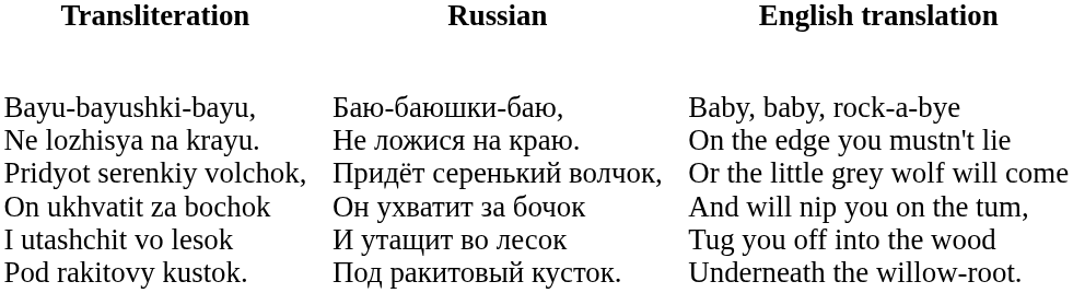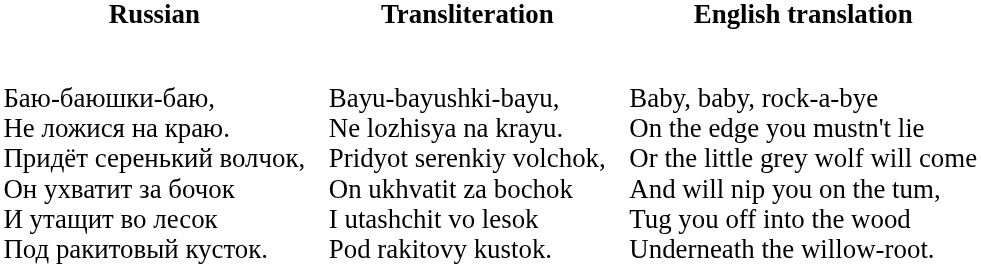 <table cellpadding=6>
 <tr>
+<th>Russian</th>
 <th>Transliteration</th>
-<th>Russian</th>
 <th>English translation</th>
 </tr>
 <tr style="vertical-align:top; white-space:nowrap;">
+<td><br>Баю-баюшки-баю,<br> Не ложися на краю.<br> Придёт серенький волчок,<br> Он ухватит за бочок<br> И утащит во лесок<br> Под ракитовый кусток.</td>
 <td><br>Bayu-bayushki-bayu,<br> Ne lozhisya na krayu.<br> Pridyot serenkiy volchok,<br> On ukhvatit za bochok<br> I utashchit vo lesok<br> Pod rakitovy kustok.</td>
-<td><br>Баю-баюшки-баю,<br> Не ложися на краю.<br> Придёт серенький волчок,<br> Он ухватит за бочок<br> И утащит во лесок<br> Под ракитовый кусток.</td>
 <td><br>Baby, baby, rock-a-bye<br> On the edge you mustn't lie<br> Or the little grey wolf will come<br> And will nip you on the tum,<br> Tug you off into the wood<br> Underneath the willow-root.</td>
 </tr>
 </table>
